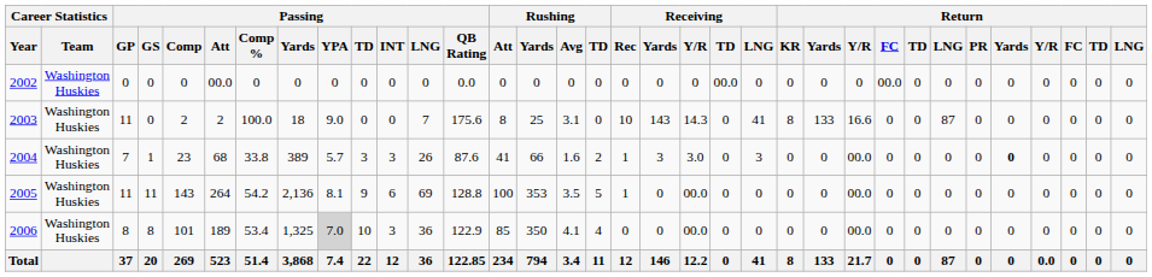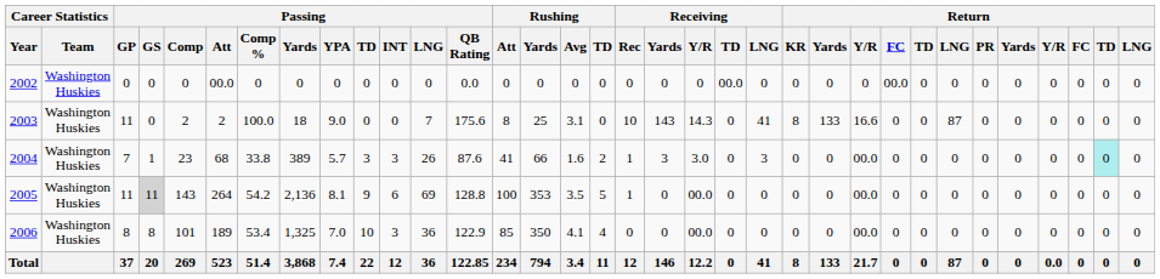 <table class="wikitable" style="text-align:center">
 <tr>
 <th colspan=2 align="center">Career Statistics</th>
 <th colspan=11 align="center">Passing</th>
 <th colspan=4 align="center">Rushing</th>
 <th colspan=5 align="center">Receiving</th>
 <th colspan=12 align="center">Return</th>
 </tr>
 <tr>
 <th><strong>Year</strong></th>
 <th><strong>Team</strong></th>
 <th><strong>GP</strong></th>
 <th><strong>GS</strong></th>
 <th><strong>Comp</strong></th>
 <th><strong>Att</strong></th>
 <th><strong>Comp %</strong></th>
 <th><strong>Yards</strong></th>
 <th><strong>YPA</strong></th>
 <th><strong>TD</strong></th>
 <th><strong>INT</strong></th>
 <th><strong>LNG</strong></th>
 <th><strong>QB Rating</strong></th>
 <th><strong>Att</strong></th>
 <th><strong>Yards</strong></th>
 <th><strong>Avg</strong></th>
 <th><strong>TD</strong></th>
 <th><strong>Rec</strong></th>
 <th><strong>Yards</strong></th>
 <th><strong>Y/R</strong></th>
 <th><strong>TD</strong></th>
 <th><strong>LNG</strong></th>
 <th><strong>KR</strong></th>
 <th><strong>Yards</strong></th>
 <th><strong>Y/R</strong></th>
 <th><strong><a href='#'>FC</a></strong></th>
 <th><strong>TD</strong></th>
 <th><strong>LNG</strong></th>
 <th><strong>PR</strong></th>
 <th><strong>Yards</strong></th>
 <th><strong>Y/R</strong></th>
 <th><strong>FC</strong></th>
 <th><strong>TD</strong></th>
 <th><strong>LNG</strong></th>
 </tr>
 <tr>
 <td><a href='#'>2002</a></td>
 <td><a href='#'>Washington Huskies</a></td>
 <td>0</td>
 <td>0</td>
 <td>0</td>
 <td>00.0</td>
 <td>0</td>
 <td>0</td>
 <td>0</td>
 <td>0</td>
 <td>0</td>
 <td>0</td>
 <td>0.0</td>
 <td>0</td>
 <td>0</td>
 <td>0</td>
 <td>0</td>
 <td>0</td>
 <td>0</td>
 <td>0</td>
 <td>00.0</td>
 <td>0</td>
 <td>0</td>
 <td>0</td>
 <td>0</td>
 <td>00.0</td>
 <td>0</td>
 <td>0</td>
 <td>0</td>
 <td>0</td>
 <td>0</td>
 <td>0</td>
 <td>0</td>
 <td>0</td>
 </tr>
 <tr>
 <td><a href='#'>2003</a></td>
 <td>Washington Huskies</td>
 <td>11</td>
 <td>0</td>
 <td>2</td>
 <td>2</td>
 <td>100.0</td>
 <td>18</td>
 <td>9.0</td>
 <td>0</td>
 <td>0</td>
 <td>7</td>
 <td>175.6</td>
 <td>8</td>
 <td>25</td>
 <td>3.1</td>
 <td>0</td>
 <td>10</td>
 <td>143</td>
 <td>14.3</td>
 <td>0</td>
 <td>41</td>
 <td>8</td>
 <td>133</td>
 <td>16.6</td>
 <td>0</td>
 <td>0</td>
 <td>87</td>
 <td>0</td>
 <td>0</td>
 <td>0</td>
 <td>0</td>
 <td>0</td>
 <td>0</td>
 </tr>
 <tr>
 <td><a href='#'>2004</a></td>
 <td>Washington Huskies</td>
 <td>7</td>
 <td>1</td>
 <td>23</td>
 <td>68</td>
 <td>33.8</td>
 <td>389</td>
 <td>5.7</td>
 <td>3</td>
 <td>3</td>
 <td>26</td>
 <td>87.6</td>
 <td>41</td>
 <td>66</td>
 <td>1.6</td>
 <td>2</td>
 <td>1</td>
 <td>3</td>
 <td>3.0</td>
 <td>0</td>
 <td>3</td>
 <td>0</td>
 <td>0</td>
 <td>00.0</td>
 <td>0</td>
 <td>0</td>
 <td>0</td>
 <td>0</td>
-<td><strong>0</strong></td>
 <td>0</td>
 <td>0</td>
 <td>0</td>
+<td style="background: paleturquoise;">0</td>
 <td>0</td>
 </tr>
 <tr>
 <td><a href='#'>2005</a></td>
 <td>Washington Huskies</td>
 <td>11</td>
-<td>11</td>
+<td style="background: lightgrey;">11</td>
 <td>143</td>
 <td>264</td>
 <td>54.2</td>
 <td>2,136</td>
 <td>8.1</td>
 <td>9</td>
 <td>6</td>
 <td>69</td>
 <td>128.8</td>
 <td>100</td>
 <td>353</td>
 <td>3.5</td>
 <td>5</td>
 <td>1</td>
 <td>0</td>
 <td>00.0</td>
 <td>0</td>
 <td>0</td>
 <td>0</td>
 <td>0</td>
 <td>00.0</td>
 <td>0</td>
 <td>0</td>
 <td>0</td>
 <td>0</td>
 <td>0</td>
 <td>0</td>
 <td>0</td>
 <td>0</td>
 <td>0</td>
 </tr>
 <tr>
 <td><a href='#'>2006</a></td>
 <td>Washington Huskies</td>
 <td>8</td>
 <td>8</td>
 <td>101</td>
 <td>189</td>
 <td>53.4</td>
 <td>1,325</td>
-<td style="background: lightgrey;">7.0</td>
+<td>7.0</td>
 <td>10</td>
 <td>3</td>
 <td>36</td>
 <td>122.9</td>
 <td>85</td>
 <td>350</td>
 <td>4.1</td>
 <td>4</td>
 <td>0</td>
 <td>0</td>
 <td>00.0</td>
 <td>0</td>
 <td>0</td>
 <td>0</td>
 <td>0</td>
 <td>00.0</td>
 <td>0</td>
 <td>0</td>
 <td>0</td>
 <td>0</td>
 <td>0</td>
 <td>0</td>
 <td>0</td>
 <td>0</td>
 <td>0</td>
 </tr>
 <tr>
 <th>Total</th>
 <th></th>
 <th>37</th>
 <th>20</th>
 <th>269</th>
 <th>523</th>
 <th>51.4</th>
 <th>3,868</th>
 <th>7.4</th>
 <th>22</th>
 <th>12</th>
 <th>36</th>
 <th>122.85</th>
 <th>234</th>
 <th>794</th>
 <th>3.4</th>
 <th>11</th>
 <th>12</th>
 <th>146</th>
 <th>12.2</th>
 <th>0</th>
 <th>41</th>
 <th>8</th>
 <th>133</th>
 <th>21.7</th>
 <th>0</th>
 <th>0</th>
 <th>87</th>
 <th>0</th>
 <th>0</th>
 <th>0.0</th>
 <th>0</th>
 <th>0</th>
 <th>0</th>
 </tr>
 </table>
